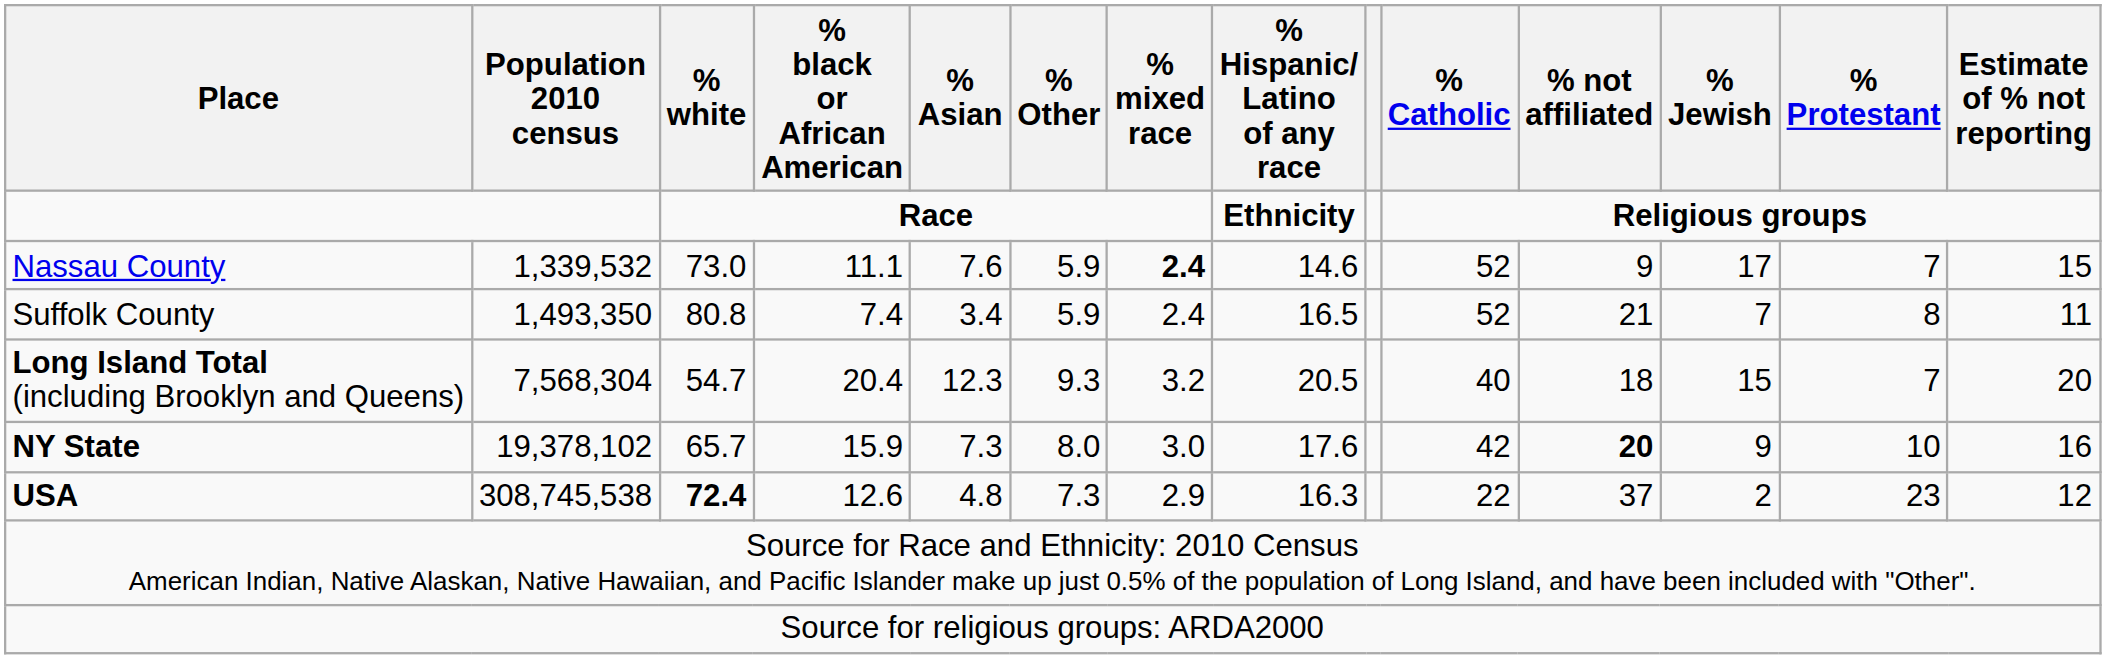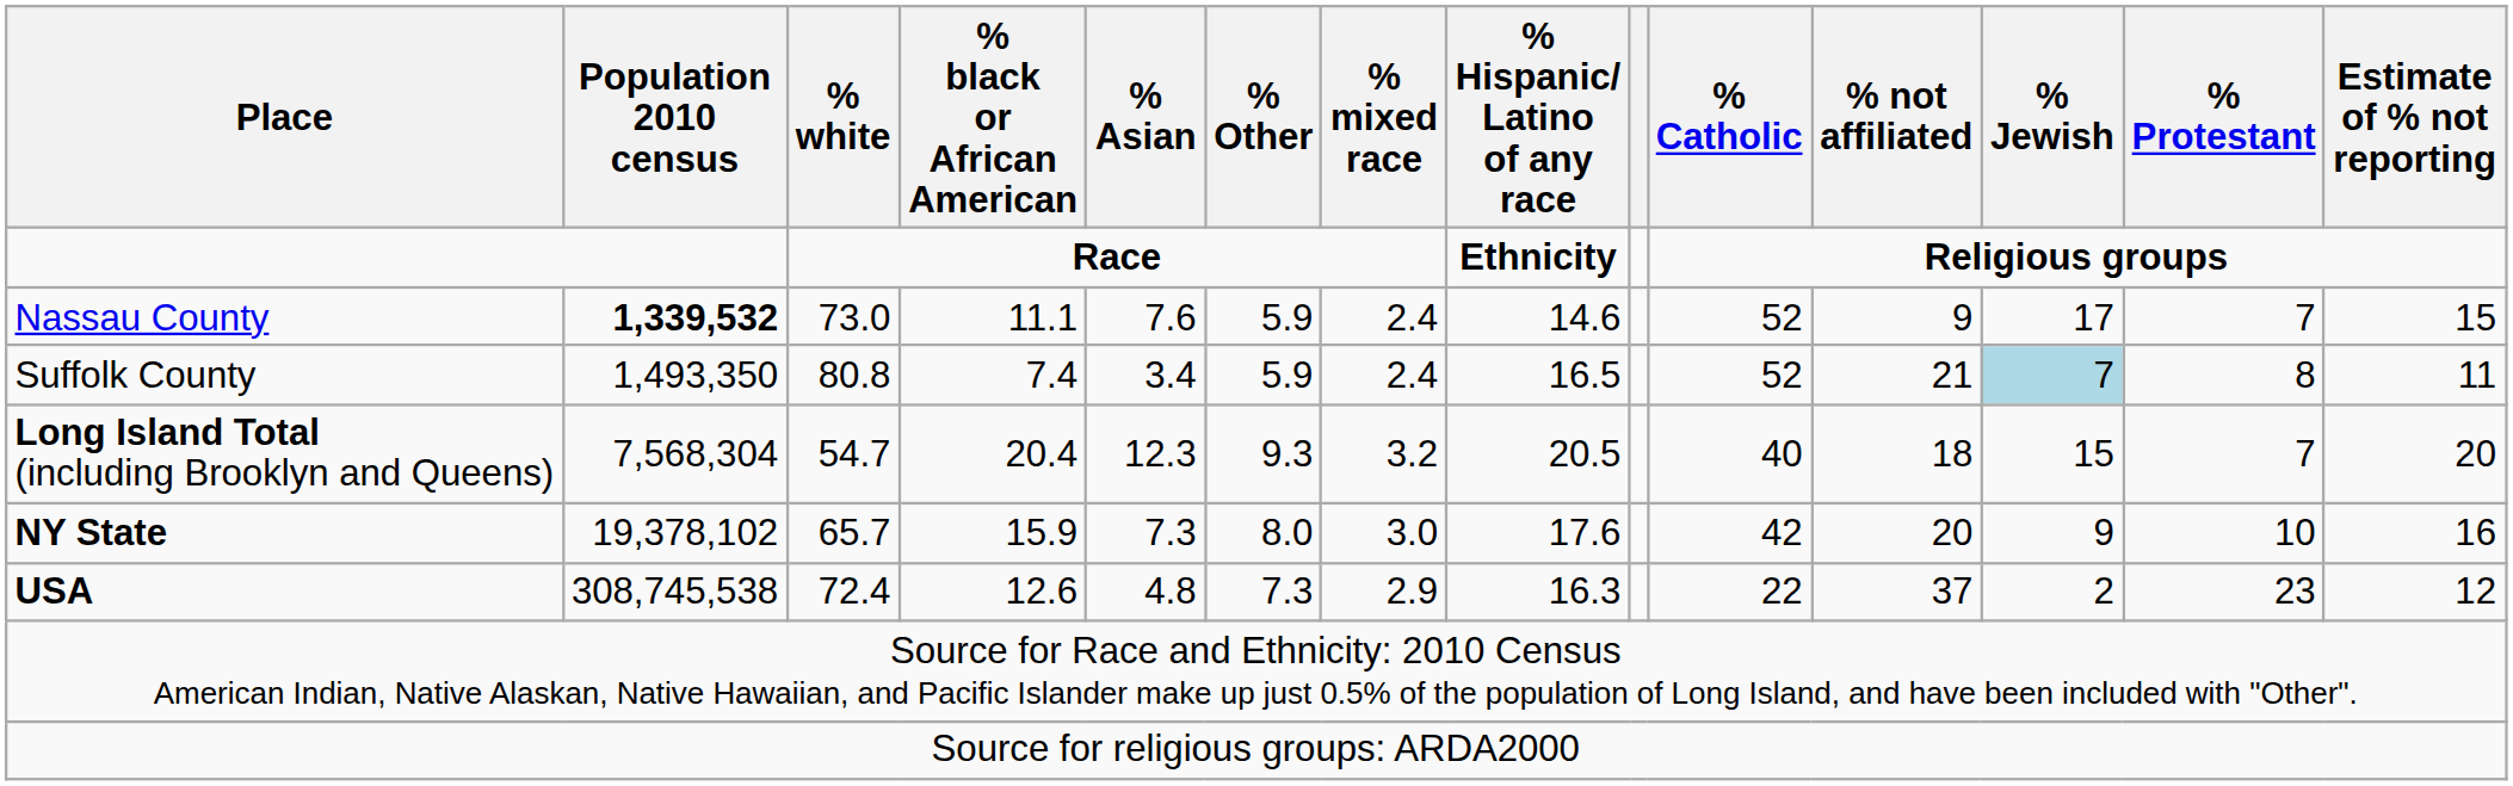 <table class="wikitable sortable" style="text-align:right; font-size:85%;">
 <tr>
 <th align=left>Place<br></th>
 <th>Population<br>2010<br>census<br></th>
 <th>%<br>white<br></th>
 <th>%<br>black<br>or<br>African<br>American<br></th>
 <th>%<br>Asian<br></th>
 <th>%<br>Other<br></th>
 <th>%<br>mixed<br>race<br></th>
 <th>%<br>Hispanic/<br>Latino<br>of any<br>race<br></th>
 <th class="unsortable"></th>
 <th>%<br><a href='#'>Catholic</a><br></th>
 <th>% not<br>affiliated<br></th>
 <th>%<br>Jewish<br></th>
 <th>%<br><a href='#'>Protestant</a><br></th>
 <th>Estimate<br>of % not<br>reporting</th>
 </tr>
 <tr>
 <td colspan=2></td>
 <td colspan="5" style="text-align:center;"><strong>Race</strong></td>
 <td align=center><strong>Ethnicity</strong></td>
 <td></td>
 <td colspan="5" style="text-align:center;"><strong>Religious groups</strong></td>
 </tr>
 <tr>
 <td align=left><a href='#'>Nassau County</a></td>
-<td>1,339,532</td>
+<td><strong>1,339,532</strong></td>
 <td>73.0</td>
 <td>11.1</td>
 <td>7.6</td>
 <td>5.9</td>
-<td><strong>2.4</strong></td>
+<td>2.4</td>
 <td>14.6</td>
 <td></td>
 <td>52</td>
 <td>9</td>
 <td>17</td>
 <td>7</td>
 <td>15</td>
 </tr>
 <tr>
 <td align=left>Suffolk County</td>
 <td>1,493,350</td>
 <td>80.8</td>
 <td>7.4</td>
 <td>3.4</td>
 <td>5.9</td>
 <td>2.4</td>
 <td>16.5</td>
 <td></td>
 <td>52</td>
 <td>21</td>
-<td>7</td>
+<td style="background: lightblue;">7</td>
 <td>8</td>
 <td>11</td>
 </tr>
 <tr>
 <td align=left><strong>Long Island Total</strong><br>(including Brooklyn and Queens)</td>
 <td>7,568,304</td>
 <td>54.7</td>
 <td>20.4</td>
 <td>12.3</td>
 <td>9.3</td>
 <td>3.2</td>
 <td>20.5</td>
 <td></td>
 <td>40</td>
 <td>18</td>
 <td>15</td>
 <td>7</td>
 <td>20</td>
 </tr>
 <tr>
 <td align=left><strong>NY State</strong></td>
 <td>19,378,102</td>
 <td>65.7</td>
 <td>15.9</td>
 <td>7.3</td>
 <td>8.0</td>
 <td>3.0</td>
 <td>17.6</td>
 <td></td>
 <td>42</td>
-<td><strong>20</strong></td>
+<td>20</td>
 <td>9</td>
 <td>10</td>
 <td>16</td>
 </tr>
 <tr>
 <td align=left><strong>USA</strong></td>
 <td>308,745,538</td>
-<td><strong>72.4</strong></td>
+<td>72.4</td>
 <td>12.6</td>
 <td>4.8</td>
 <td>7.3</td>
 <td>2.9</td>
 <td>16.3</td>
 <td></td>
 <td>22</td>
 <td>37</td>
 <td>2</td>
 <td>23</td>
 <td>12</td>
 </tr>
 <tr>
 <td colspan="14" style="text-align:center;">Source for Race and Ethnicity: 2010 Census<br><small>American Indian, Native Alaskan, Native Hawaiian, and Pacific Islander make up just 0.5% of the population of Long Island, and have been included with "Other".</small></td>
 </tr>
 <tr>
 <td colspan="14" style="text-align:center;">Source for religious groups: ARDA2000</td>
 </tr>
 </table>
